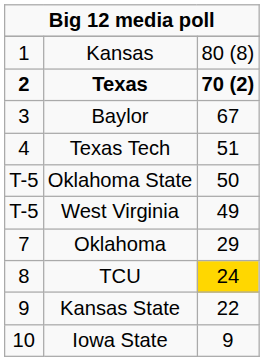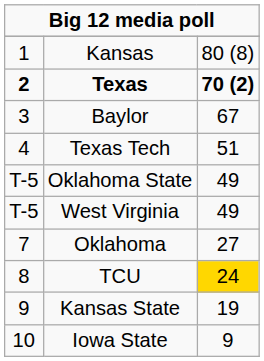 <table class="wikitable" style="display: inline-table;">
 <tr>
 <td align="center" Colspan="3"><strong>Big 12 media poll</strong></td>
 </tr>
 <tr align="center">
 </tr>
 <tr align="center">
 <td>1</td>
 <td>Kansas</td>
 <td>80 (8)</td>
 </tr>
 <tr align="center">
 <td><strong>2</strong></td>
 <td><strong>Texas</strong></td>
 <td><strong>70 (2)</strong></td>
 </tr>
 <tr align="center">
 <td>3</td>
 <td>Baylor</td>
 <td>67</td>
 </tr>
 <tr align="center">
 <td>4</td>
 <td>Texas Tech</td>
 <td>51</td>
 </tr>
 <tr align="center">
 <td>T-5</td>
 <td>Oklahoma State</td>
-<td>50</td>
+<td>49</td>
 </tr>
 <tr align="center">
 <td>T-5</td>
 <td>West Virginia</td>
 <td>49</td>
 </tr>
 <tr align="center">
 <td>7</td>
 <td>Oklahoma</td>
-<td>29</td>
+<td>27</td>
 </tr>
 <tr align="center">
 <td>8</td>
 <td>TCU</td>
 <td style="background: gold;">24</td>
 </tr>
 <tr align="center">
 <td>9</td>
 <td>Kansas State</td>
-<td>22</td>
+<td>19</td>
 </tr>
 <tr align="center">
 <td>10</td>
 <td>Iowa State</td>
 <td>9</td>
 </tr>
 </table>
